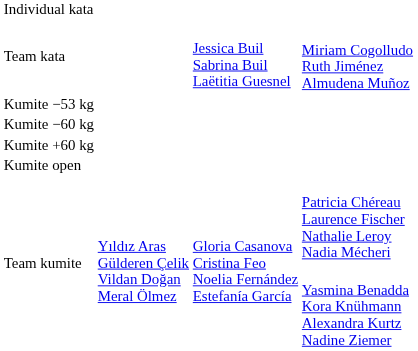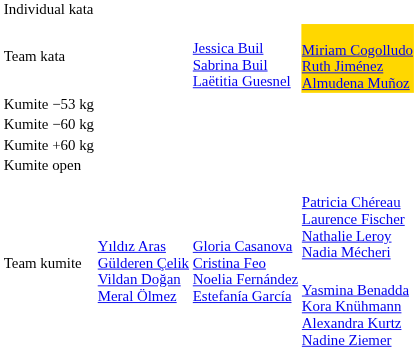 <table>
 <tr>
 <td rowspan=2>Individual kata</td>
 <td rowspan=2></td>
 <td rowspan=2></td>
 <td></td>
 </tr>
 <tr>
 <td></td>
 </tr>
 <tr>
 <td rowspan=2>Team kata</td>
 <td rowspan=2></td>
 <td rowspan=2><br><a href='#'>Jessica Buil</a><br><a href='#'>Sabrina Buil</a><br><a href='#'>Laëtitia Guesnel</a></td>
 <td></td>
 </tr>
 <tr>
-<td><br><a href='#'>Miriam Cogolludo</a><br><a href='#'>Ruth Jiménez</a><br><a href='#'>Almudena Muñoz</a></td>
+<td style="background: gold;"><br><a href='#'>Miriam Cogolludo</a><br><a href='#'>Ruth Jiménez</a><br><a href='#'>Almudena Muñoz</a></td>
 </tr>
 <tr>
 <td rowspan=2>Kumite −53 kg</td>
 <td rowspan=2></td>
 <td rowspan=2></td>
 <td></td>
 </tr>
 <tr>
 <td></td>
 </tr>
 <tr>
 <td rowspan=2>Kumite −60 kg</td>
 <td rowspan=2></td>
 <td rowspan=2></td>
 <td></td>
 </tr>
 <tr>
 <td></td>
 </tr>
 <tr>
 <td rowspan=2>Kumite +60 kg</td>
 <td rowspan=2></td>
 <td rowspan=2></td>
 <td></td>
 </tr>
 <tr>
 <td></td>
 </tr>
 <tr>
 <td rowspan=2>Kumite open</td>
 <td rowspan=2></td>
 <td rowspan=2></td>
 <td></td>
 </tr>
 <tr>
 <td></td>
 </tr>
 <tr>
 <td rowspan=2>Team kumite</td>
 <td rowspan=2><br><a href='#'>Yıldız Aras</a><br><a href='#'>Gülderen Çelik</a><br><a href='#'>Vildan Doğan</a><br><a href='#'>Meral Ölmez</a></td>
 <td rowspan=2><br><a href='#'>Gloria Casanova</a><br><a href='#'>Cristina Feo</a><br><a href='#'>Noelia Fernández</a><br><a href='#'>Estefanía García</a></td>
 <td><br><a href='#'>Patricia Chéreau</a><br><a href='#'>Laurence Fischer</a><br><a href='#'>Nathalie Leroy</a><br><a href='#'>Nadia Mécheri</a></td>
 </tr>
 <tr>
 <td><br><a href='#'>Yasmina Benadda</a><br><a href='#'>Kora Knühmann</a><br><a href='#'>Alexandra Kurtz</a><br><a href='#'>Nadine Ziemer</a></td>
 </tr>
 </table>
